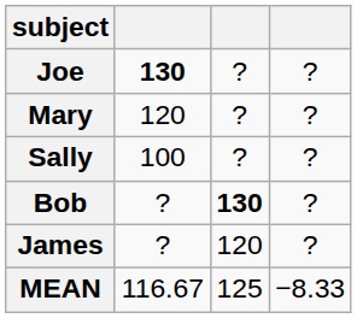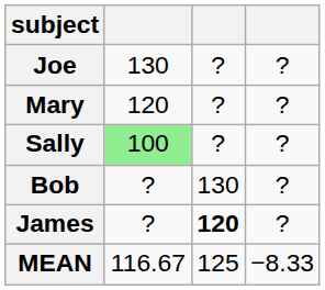 <table class="wikitable" style="text-align:center">
 <tr>
 <th>subject</th>
 <th></th>
 <th></th>
 <th></th>
 </tr>
 <tr>
 <th>Joe</th>
-<td><strong>130</strong></td>
+<td>130</td>
 <td>?</td>
 <td>?</td>
 </tr>
 <tr>
 <th>Mary</th>
 <td>120</td>
 <td>?</td>
 <td>?</td>
 </tr>
 <tr>
 <th>Sally</th>
-<td>100</td>
+<td style="background: lightgreen;">100</td>
 <td>?</td>
 <td>?</td>
 </tr>
 <tr>
 <th>Bob</th>
 <td>?</td>
-<td><strong>130</strong></td>
+<td>130</td>
 <td>?</td>
 </tr>
 <tr>
 <th>James</th>
 <td>?</td>
-<td>120</td>
+<td><strong>120</strong></td>
 <td>?</td>
 </tr>
 <tr>
 <th>MEAN</th>
 <td>116.67</td>
 <td>125</td>
 <td>−8.33</td>
 </tr>
 </table>
